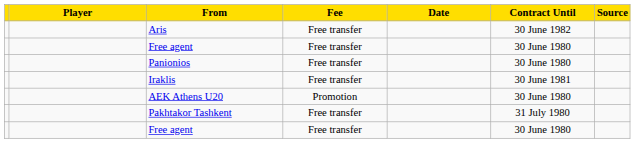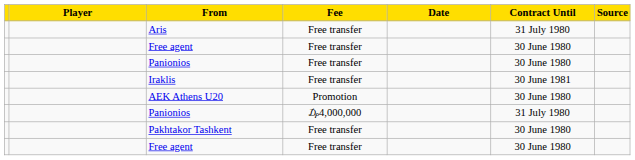 <table class="wikitable sortable">
 <tr>
 <th style="background:#FFDE00"></th>
 <th width=200 style="background:#FFDE00">Player</th>
 <th width=200 style="background:#FFDE00">From</th>
 <th width=150 style="background:#FFDE00">Fee</th>
 <th width=150 style="background:#FFDE00">Date</th>
 <th width=150 style="background:#FFDE00">Contract Until</th>
 <th style="background:#FFDE00">Source</th>
 </tr>
 <tr>
 <td align=center></td>
 <td></td>
 <td> <a href='#'>Aris</a></td>
 <td align=center>Free transfer</td>
 <td align=center></td>
-<td align=center>30 June 1982</td>
+<td align=center>31 July 1980</td>
 <td align=center></td>
 </tr>
 <tr>
 <td align=center></td>
 <td></td>
 <td><a href='#'>Free agent</a></td>
 <td align=center>Free transfer</td>
 <td align=center></td>
 <td align=center>30 June 1980</td>
 <td align=center></td>
 </tr>
 <tr>
 <td align=center></td>
 <td></td>
 <td> <a href='#'>Panionios</a></td>
 <td align=center>Free transfer</td>
 <td align=center></td>
 <td align=center>30 June 1980</td>
 <td align=center></td>
 </tr>
 <tr>
 <td align=center></td>
 <td></td>
 <td> <a href='#'>Iraklis</a></td>
 <td align=center>Free transfer</td>
 <td align=center></td>
 <td align=center>30 June 1981</td>
 <td align=center></td>
 </tr>
 <tr>
 <td align=center></td>
 <td></td>
 <td> <a href='#'>AEK Athens U20</a></td>
 <td align=center>Promotion</td>
 <td align=center></td>
 <td align=center>30 June 1980</td>
 <td align=center></td>
 </tr>
 <tr>
 <td align=center></td>
 <td></td>
+<td> <a href='#'>Panionios</a></td>
+<td align=center>₯4,000,000</td>
+<td align=center></td>
+<td align=center>31 July 1980</td>
+<td align=center></td>
+</tr>
+<tr>
+<td align=center></td>
+<td></td>
 <td> <a href='#'>Pakhtakor Tashkent</a></td>
 <td align=center>Free transfer</td>
 <td align=center></td>
-<td align=center>31 July 1980</td>
+<td align=center>30 June 1980</td>
 <td align=center></td>
 </tr>
 <tr>
 <td align=center></td>
 <td></td>
 <td><a href='#'>Free agent</a></td>
 <td align=center>Free transfer</td>
 <td align=center></td>
 <td align=center>30 June 1980</td>
 <td align=center></td>
 </tr>
 </table>
